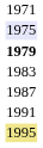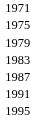 <table>
 <tr>
 <td>1971</td>
 <td></td>
 <td></td>
 <td></td>
 </tr>
 <tr>
-<td style="background: lavender;">1975</td>
+<td>1975</td>
 <td></td>
 <td></td>
 <td></td>
 </tr>
 <tr>
-<td><strong>1979</strong></td>
+<td>1979</td>
 <td></td>
 <td></td>
 <td></td>
 </tr>
 <tr>
 <td>1983</td>
 <td></td>
 <td></td>
 <td></td>
 </tr>
 <tr>
 <td>1987</td>
 <td></td>
 <td></td>
 <td></td>
 </tr>
 <tr>
 <td>1991</td>
 <td></td>
 <td></td>
 <td></td>
 </tr>
 <tr>
-<td style="background: khaki;">1995</td>
+<td>1995</td>
 <td></td>
 <td></td>
 <td></td>
 </tr>
 </table>
